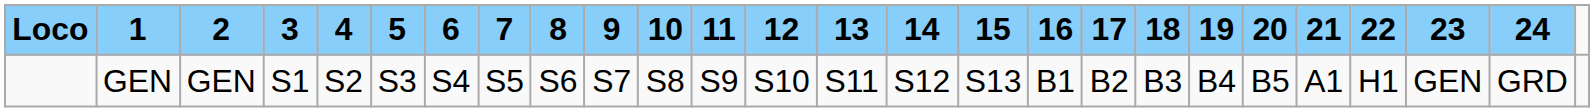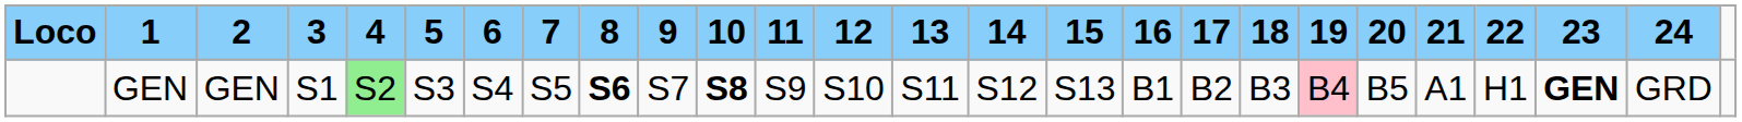 <table class="wikitable plainrowheaders unsortable" style="text-align:center">
 <tr>
 <th scope="col" rowspan="1" style="background:lightskyblue;">Loco</th>
 <th scope="col" rowspan="1" style="background:lightskyblue;">1</th>
 <th scope="col" rowspan="1" style="background:lightskyblue;">2</th>
 <th scope="col" rowspan="1" style="background:lightskyblue;">3</th>
 <th scope="col" rowspan="1" style="background:lightskyblue;">4</th>
 <th scope="col" rowspan="1" style="background:lightskyblue;">5</th>
 <th scope="col" rowspan="1" style="background:lightskyblue;">6</th>
 <th scope="col" rowspan="1" style="background:lightskyblue;">7</th>
 <th scope="col" rowspan="1" style="background:lightskyblue;">8</th>
 <th scope="col" rowspan="1" style="background:lightskyblue;">9</th>
 <th scope="col" rowspan="1" style="background:lightskyblue;">10</th>
 <th scope="col" rowspan="1" style="background:lightskyblue;">11</th>
 <th scope="col" rowspan="1" style="background:lightskyblue;">12</th>
 <th scope="col" rowspan="1" style="background:lightskyblue;">13</th>
 <th scope="col" rowspan="1" style="background:lightskyblue;">14</th>
 <th scope="col" rowspan="1" style="background:lightskyblue;">15</th>
 <th scope="col" rowspan="1" style="background:lightskyblue;">16</th>
 <th scope="col" rowspan="1" style="background:lightskyblue;">17</th>
 <th scope="col" rowspan="1" style="background:lightskyblue;">18</th>
 <th scope="col" rowspan="1" style="background:lightskyblue;">19</th>
 <th scope="col" rowspan="1" style="background:lightskyblue;">20</th>
 <th scope="col" rowspan="1" style="background:lightskyblue;">21</th>
 <th scope="col" rowspan="1" style="background:lightskyblue;">22</th>
 <th scope="col" rowspan="1" style="background:lightskyblue;">23</th>
 <th scope="col" rowspan="1" style="background:lightskyblue;">24</th>
 </tr>
 <tr>
 <td></td>
 <td>GEN</td>
 <td>GEN</td>
 <td>S1</td>
-<td>S2</td>
+<td style="background: lightgreen;">S2</td>
 <td>S3</td>
 <td>S4</td>
 <td>S5</td>
-<td>S6</td>
+<td><strong>S6</strong></td>
 <td>S7</td>
-<td>S8</td>
+<td><strong>S8</strong></td>
 <td>S9</td>
 <td>S10</td>
 <td>S11</td>
 <td>S12</td>
 <td>S13</td>
 <td>B1</td>
 <td>B2</td>
 <td>B3</td>
-<td>B4</td>
+<td style="background: pink;">B4</td>
 <td>B5</td>
 <td>A1</td>
 <td>H1</td>
-<td>GEN</td>
+<td><strong>GEN</strong></td>
 <td>GRD</td>
 <td></td>
 </tr>
 </table>
